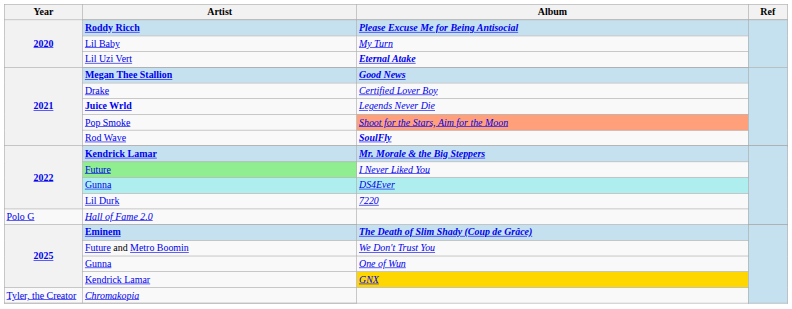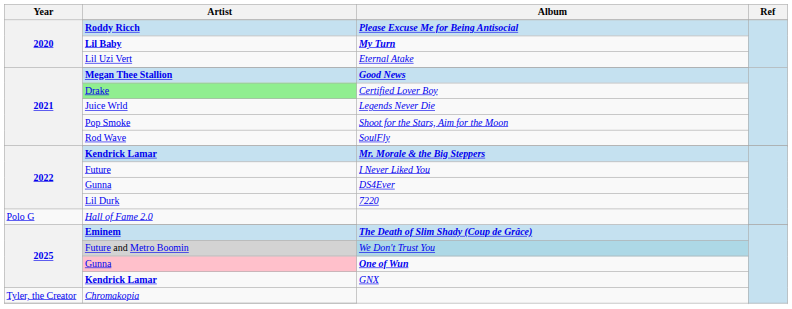 <table class="wikitable" width="100%">
 <tr>
 <th width="10%">Year</th>
 <th width="35%">Artist</th>
 <th width="50%">Album</th>
 <th width="5%">Ref</th>
 </tr>
 <tr>
 <th rowspan="4" align="center"><a href='#'>2020<br></a></th>
 </tr>
 <tr style="background:#c5e1f0">
 <td><strong><a href='#'>Roddy Ricch</a></strong></td>
 <td><strong><em><a href='#'>Please Excuse Me for Being Antisocial</a></em></strong></td>
 <td rowspan="4" align="center"></td>
 </tr>
 <tr>
-<td><a href='#'>Lil Baby</a></td>
-<td><em><a href='#'>My Turn</a></em></td>
+<td><strong><a href='#'>Lil Baby</a></strong></td>
+<td><strong><em><a href='#'>My Turn</a></em></strong></td>
 </tr>
 <tr>
 <td><a href='#'>Lil Uzi Vert</a></td>
-<td><strong><em><a href='#'>Eternal Atake</a></em></strong></td>
+<td><em><a href='#'>Eternal Atake</a></em></td>
 </tr>
 <tr>
 <th rowspan="6" align="center"><a href='#'>2021<br></a></th>
 </tr>
 <tr style="background:#c5e1f0">
 <td><strong><a href='#'>Megan Thee Stallion</a></strong></td>
 <td><strong><em><a href='#'>Good News</a></em></strong></td>
 <td rowspan="6" align="center"></td>
 </tr>
 <tr>
-<td><a href='#'>Drake</a></td>
+<td style="background: lightgreen;"><a href='#'>Drake</a></td>
 <td><em><a href='#'>Certified Lover Boy</a></em></td>
 </tr>
 <tr>
-<td><strong><a href='#'>Juice Wrld</a></strong></td>
+<td><a href='#'>Juice Wrld</a></td>
 <td><em><a href='#'>Legends Never Die</a></em></td>
 </tr>
 <tr>
 <td><a href='#'>Pop Smoke</a></td>
-<td style="background: lightsalmon;"><em><a href='#'>Shoot for the Stars, Aim for the Moon</a></em></td>
+<td><em><a href='#'>Shoot for the Stars, Aim for the Moon</a></em></td>
 </tr>
 <tr>
 <td><a href='#'>Rod Wave</a></td>
-<td><strong><em><a href='#'>SoulFly</a></em></strong></td>
+<td><em><a href='#'>SoulFly</a></em></td>
 </tr>
 <tr>
 <th rowspan="6" align="center"><a href='#'>2022<br></a></th>
 </tr>
 <tr>
 </tr>
 <tr style="background:#c5e1f0">
 <td><strong><a href='#'>Kendrick Lamar</a></strong></td>
 <td><strong><em><a href='#'>Mr. Morale & the Big Steppers</a></em></strong></td>
 <td rowspan="6" align="center"></td>
 </tr>
 <tr>
-<td style="background: lightgreen;"><a href='#'>Future</a></td>
+<td><a href='#'>Future</a></td>
 <td><em><a href='#'>I Never Liked You</a></em></td>
 </tr>
 <tr>
-<td style="background: paleturquoise;"><a href='#'>Gunna</a></td>
-<td style="background: paleturquoise;"><em><a href='#'>DS4Ever</a></em></td>
+<td><a href='#'>Gunna</a></td>
+<td><em><a href='#'>DS4Ever</a></em></td>
 </tr>
 <tr>
 <td><a href='#'>Lil Durk</a></td>
 <td><em><a href='#'>7220</a></em></td>
 </tr>
 <tr>
 <td><a href='#'>Polo G</a></td>
 <td><em><a href='#'>Hall of Fame 2.0</a></em></td>
 </tr>
 <tr>
 <th rowspan="6" align="center"><a href='#'>2025<br></a></th>
 </tr>
 <tr>
 </tr>
 <tr style="background:#c5e1f0">
 <td><strong><a href='#'>Eminem</a></strong></td>
 <td><strong><em><a href='#'>The Death of Slim Shady (Coup de Grâce)</a></em></strong></td>
 <td rowspan="6" align="center"></td>
 </tr>
 <tr>
-<td><a href='#'>Future</a> and <a href='#'>Metro Boomin</a></td>
-<td><em><a href='#'>We Don't Trust You</a></em></td>
+<td style="background: lightgrey;"><a href='#'>Future</a> and <a href='#'>Metro Boomin</a></td>
+<td style="background: lightblue;"><em><a href='#'>We Don't Trust You</a></em></td>
 </tr>
 <tr>
-<td><a href='#'>Gunna</a></td>
-<td><em><a href='#'>One of Wun</a></em></td>
+<td style="background: pink;"><a href='#'>Gunna</a></td>
+<td><strong><em><a href='#'>One of Wun</a></em></strong></td>
 </tr>
 <tr>
-<td><a href='#'>Kendrick Lamar</a></td>
-<td style="background: gold;"><em><a href='#'>GNX</a></em></td>
+<td><strong><a href='#'>Kendrick Lamar</a></strong></td>
+<td><em><a href='#'>GNX</a></em></td>
 </tr>
 <tr>
 <td><a href='#'>Tyler, the Creator</a></td>
 <td><em><a href='#'>Chromakopia</a></em></td>
 </tr>
 <tr>
 </tr>
 </table>
